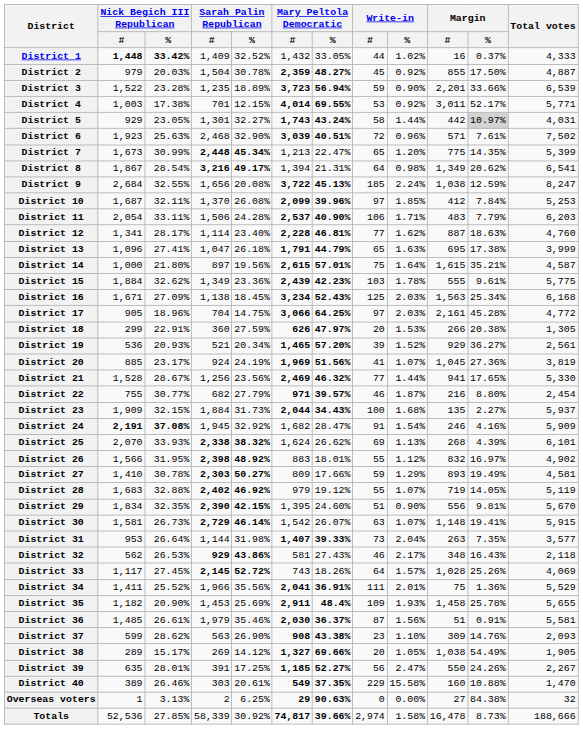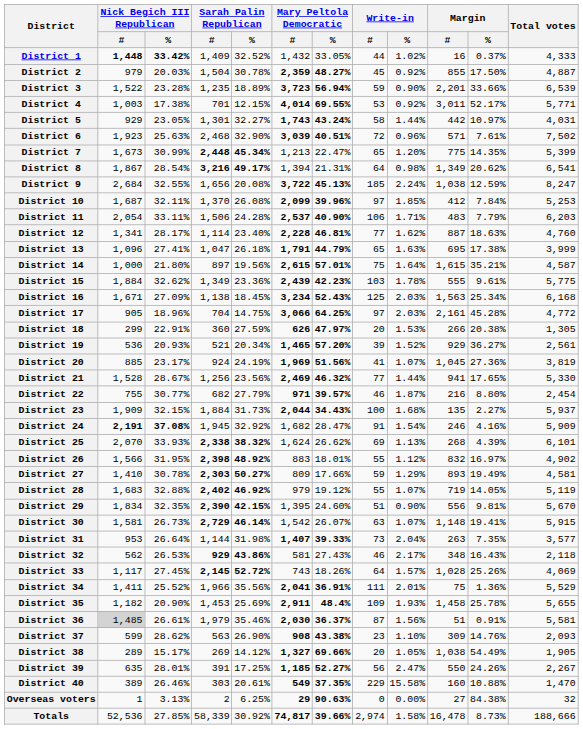 <table class="wikitable sortable"  style="text-align:right">
 <tr>
 <th rowspan="2">District</th>
 <th colspan="2"><a href='#'>Nick Begich III</a><br><a href='#'>Republican</a></th>
 <th colspan="2"><a href='#'>Sarah Palin</a><br><a href='#'>Republican</a></th>
 <th colspan="2"><a href='#'>Mary Peltola</a><br><a href='#'>Democratic</a></th>
 <th colspan="2"><a href='#'>Write-in</a></th>
 <th colspan="2">Margin </th>
 <th rowspan="2">Total votes</th>
 </tr>
 <tr>
 <th data-sort-type="number">#</th>
 <th data-sort-type="number">%</th>
 <th data-sort-type="number">#</th>
 <th data-sort-type="number">%</th>
 <th data-sort-type="number">#</th>
 <th data-sort-type="number">%</th>
 <th data-sort-type="number">#</th>
 <th data-sort-type="number">%</th>
 <th data-sort-type="number">#</th>
 <th data-sort-type="number">%</th>
 </tr>
 <tr>
 <th><a href='#'>District 1</a></th>
 <td><strong>1,448</strong></td>
 <td><strong>33.42%</strong></td>
 <td>1,409</td>
 <td>32.52%</td>
 <td>1,432</td>
 <td>33.05%</td>
 <td>44</td>
 <td>1.02%</td>
 <td>16</td>
 <td>0.37%</td>
 <td>4,333</td>
 </tr>
 <tr>
 <th>District 2</th>
 <td>979</td>
 <td>20.03%</td>
 <td>1,504</td>
 <td>30.78%</td>
 <td><strong>2,359</strong></td>
 <td><strong>48.27%</strong></td>
 <td>45</td>
 <td>0.92%</td>
 <td>855</td>
 <td>17.50%</td>
 <td>4,887</td>
 </tr>
 <tr>
 <th>District 3</th>
 <td>1,522</td>
 <td>23.28%</td>
 <td>1,235</td>
 <td>18.89%</td>
 <td><strong>3,723</strong></td>
 <td><strong>56.94%</strong></td>
 <td>59</td>
 <td>0.90%</td>
 <td>2,201</td>
 <td>33.66%</td>
 <td>6,539</td>
 </tr>
 <tr>
 <th>District 4</th>
 <td>1,003</td>
 <td>17.38%</td>
 <td>701</td>
 <td>12.15%</td>
 <td><strong>4,014</strong></td>
 <td><strong>69.55%</strong></td>
 <td>53</td>
 <td>0.92%</td>
 <td>3,011</td>
 <td>52.17%</td>
 <td>5,771</td>
 </tr>
 <tr>
 <th>District 5</th>
 <td>929</td>
 <td>23.05%</td>
 <td>1,301</td>
 <td>32.27%</td>
 <td><strong>1,743</strong></td>
 <td><strong>43.24%</strong></td>
 <td>58</td>
 <td>1.44%</td>
 <td>442</td>
-<td style="background: lightgrey;">10.97%</td>
+<td>10.97%</td>
 <td>4,031</td>
 </tr>
 <tr>
 <th>District 6</th>
 <td>1,923</td>
 <td>25.63%</td>
 <td>2,468</td>
 <td>32.90%</td>
 <td><strong>3,039</strong></td>
 <td><strong>40.51%</strong></td>
 <td>72</td>
 <td>0.96%</td>
 <td>571</td>
 <td>7.61%</td>
 <td>7,502</td>
 </tr>
 <tr>
 <th>District 7</th>
 <td>1,673</td>
 <td>30.99%</td>
 <td><strong>2,448</strong></td>
 <td><strong>45.34%</strong></td>
 <td>1,213</td>
 <td>22.47%</td>
 <td>65</td>
 <td>1.20%</td>
 <td>775</td>
 <td>14.35%</td>
 <td>5,399</td>
 </tr>
 <tr>
 <th>District 8</th>
 <td>1,867</td>
 <td>28.54%</td>
 <td><strong>3,216</strong></td>
 <td><strong>49.17%</strong></td>
 <td>1,394</td>
 <td>21.31%</td>
 <td>64</td>
 <td>0.98%</td>
 <td>1,349</td>
 <td>20.62%</td>
 <td>6,541</td>
 </tr>
 <tr>
 <th>District 9</th>
 <td>2,684</td>
 <td>32.55%</td>
 <td>1,656</td>
 <td>20.08%</td>
 <td><strong>3,722</strong></td>
 <td><strong>45.13%</strong></td>
 <td>185</td>
 <td>2.24%</td>
 <td>1,038</td>
 <td>12.59%</td>
 <td>8,247</td>
 </tr>
 <tr>
 <th>District 10</th>
 <td>1,687</td>
 <td>32.11%</td>
 <td>1,370</td>
 <td>26.08%</td>
 <td><strong>2,099</strong></td>
 <td><strong>39.96%</strong></td>
 <td>97</td>
 <td>1.85%</td>
 <td>412</td>
 <td>7.84%</td>
 <td>5,253</td>
 </tr>
 <tr>
 <th>District 11</th>
 <td>2,054</td>
 <td>33.11%</td>
 <td>1,506</td>
 <td>24.28%</td>
 <td><strong>2,537</strong></td>
 <td><strong>40.90%</strong></td>
 <td>106</td>
 <td>1.71%</td>
 <td>483</td>
 <td>7.79%</td>
 <td>6,203</td>
 </tr>
 <tr>
 <th>District 12</th>
 <td>1,341</td>
 <td>28.17%</td>
 <td>1,114</td>
 <td>23.40%</td>
 <td><strong>2,228</strong></td>
 <td><strong>46.81%</strong></td>
 <td>77</td>
 <td>1.62%</td>
 <td>887</td>
 <td>18.63%</td>
 <td>4,760</td>
 </tr>
 <tr>
 <th>District 13</th>
 <td>1,096</td>
 <td>27.41%</td>
 <td>1,047</td>
 <td>26.18%</td>
 <td><strong>1,791</strong></td>
 <td><strong>44.79%</strong></td>
 <td>65</td>
 <td>1.63%</td>
 <td>695</td>
 <td>17.38%</td>
 <td>3,999</td>
 </tr>
 <tr>
 <th>District 14</th>
 <td>1,000</td>
 <td>21.80%</td>
 <td>897</td>
 <td>19.56%</td>
 <td><strong>2,615</strong></td>
 <td><strong>57.01%</strong></td>
 <td>75</td>
 <td>1.64%</td>
 <td>1,615</td>
 <td>35.21%</td>
 <td>4,587</td>
 </tr>
 <tr>
 <th>District 15</th>
 <td>1,884</td>
 <td>32.62%</td>
 <td>1,349</td>
 <td>23.36%</td>
 <td><strong>2,439</strong></td>
 <td><strong>42.23%</strong></td>
 <td>103</td>
 <td>1.78%</td>
 <td>555</td>
 <td>9.61%</td>
 <td>5,775</td>
 </tr>
 <tr>
 <th>District 16</th>
 <td>1,671</td>
 <td>27.09%</td>
 <td>1,138</td>
 <td>18.45%</td>
 <td><strong>3,234</strong></td>
 <td><strong>52.43%</strong></td>
 <td>125</td>
 <td>2.03%</td>
 <td>1,563</td>
 <td>25.34%</td>
 <td>6,168</td>
 </tr>
 <tr>
 <th>District 17</th>
 <td>905</td>
 <td>18.96%</td>
 <td>704</td>
 <td>14.75%</td>
 <td><strong>3,066</strong></td>
 <td><strong>64.25%</strong></td>
 <td>97</td>
 <td>2.03%</td>
 <td>2,161</td>
 <td>45.28%</td>
 <td>4,772</td>
 </tr>
 <tr>
 <th>District 18</th>
 <td>299</td>
 <td>22.91%</td>
 <td>360</td>
 <td>27.59%</td>
 <td><strong>626</strong></td>
 <td><strong>47.97%</strong></td>
 <td>20</td>
 <td>1.53%</td>
 <td>266</td>
 <td>20.38%</td>
 <td>1,305</td>
 </tr>
 <tr>
 <th>District 19</th>
 <td>536</td>
 <td>20.93%</td>
 <td>521</td>
 <td>20.34%</td>
 <td><strong>1,465</strong></td>
 <td><strong>57.20%</strong></td>
 <td>39</td>
 <td>1.52%</td>
 <td>929</td>
 <td>36.27%</td>
 <td>2,561</td>
 </tr>
 <tr>
 <th>District 20</th>
 <td>885</td>
 <td>23.17%</td>
 <td>924</td>
 <td>24.19%</td>
 <td><strong>1,969</strong></td>
 <td><strong>51.56%</strong></td>
 <td>41</td>
 <td>1.07%</td>
 <td>1,045</td>
 <td>27.36%</td>
 <td>3,819</td>
 </tr>
 <tr>
 <th>District 21</th>
 <td>1,528</td>
 <td>28.67%</td>
 <td>1,256</td>
 <td>23.56%</td>
 <td><strong>2,469</strong></td>
 <td><strong>46.32%</strong></td>
 <td>77</td>
 <td>1.44%</td>
 <td>941</td>
 <td>17.65%</td>
 <td>5,330</td>
 </tr>
 <tr>
 <th>District 22</th>
 <td>755</td>
 <td>30.77%</td>
 <td>682</td>
 <td>27.79%</td>
 <td><strong>971</strong></td>
 <td><strong>39.57%</strong></td>
 <td>46</td>
 <td>1.87%</td>
 <td>216</td>
 <td>8.80%</td>
 <td>2,454</td>
 </tr>
 <tr>
 <th>District 23</th>
 <td>1,909</td>
 <td>32.15%</td>
 <td>1,884</td>
 <td>31.73%</td>
 <td><strong>2,044</strong></td>
 <td><strong>34.43%</strong></td>
 <td>100</td>
 <td>1.68%</td>
 <td>135</td>
 <td>2.27%</td>
 <td>5,937</td>
 </tr>
 <tr>
 <th>District 24</th>
 <td><strong>2,191</strong></td>
 <td><strong>37.08%</strong></td>
 <td>1,945</td>
 <td>32.92%</td>
 <td>1,682</td>
 <td>28.47%</td>
 <td>91</td>
 <td>1.54%</td>
 <td>246</td>
 <td>4.16%</td>
 <td>5,909</td>
 </tr>
 <tr>
 <th>District 25</th>
 <td>2,070</td>
 <td>33.93%</td>
 <td><strong>2,338</strong></td>
 <td><strong>38.32%</strong></td>
 <td>1,624</td>
 <td>26.62%</td>
 <td>69</td>
 <td>1.13%</td>
 <td>268</td>
 <td>4.39%</td>
 <td>6,101</td>
 </tr>
 <tr>
 <th>District 26</th>
 <td>1,566</td>
 <td>31.95%</td>
 <td><strong>2,398</strong></td>
 <td><strong>48.92%</strong></td>
 <td>883</td>
 <td>18.01%</td>
 <td>55</td>
 <td>1.12%</td>
 <td>832</td>
 <td>16.97%</td>
 <td>4,902</td>
 </tr>
 <tr>
 <th>District 27</th>
 <td>1,410</td>
 <td>30.78%</td>
 <td><strong>2,303</strong></td>
 <td><strong>50.27%</strong></td>
 <td>809</td>
 <td>17.66%</td>
 <td>59</td>
 <td>1.29%</td>
 <td>893</td>
 <td>19.49%</td>
 <td>4,581</td>
 </tr>
 <tr>
 <th>District 28</th>
 <td>1,683</td>
 <td>32.88%</td>
 <td><strong>2,402</strong></td>
 <td><strong>46.92%</strong></td>
 <td>979</td>
 <td>19.12%</td>
 <td>55</td>
 <td>1.07%</td>
 <td>719</td>
 <td>14.05%</td>
 <td>5,119</td>
 </tr>
 <tr>
 <th>District 29</th>
 <td>1,834</td>
 <td>32.35%</td>
 <td><strong>2,390</strong></td>
 <td><strong>42.15%</strong></td>
 <td>1,395</td>
 <td>24.60%</td>
 <td>51</td>
 <td>0.90%</td>
 <td>556</td>
 <td>9.81%</td>
 <td>5,670</td>
 </tr>
 <tr>
 <th>District 30</th>
 <td>1,581</td>
 <td>26.73%</td>
 <td><strong>2,729</strong></td>
 <td><strong>46.14%</strong></td>
 <td>1,542</td>
 <td>26.07%</td>
 <td>63</td>
 <td>1.07%</td>
 <td>1,148</td>
 <td>19.41%</td>
 <td>5,915</td>
 </tr>
 <tr>
 <th>District 31</th>
 <td>953</td>
 <td>26.64%</td>
 <td>1,144</td>
 <td>31.98%</td>
 <td><strong>1,407</strong></td>
 <td><strong>39.33%</strong></td>
 <td>73</td>
 <td>2.04%</td>
 <td>263</td>
 <td>7.35%</td>
 <td>3,577</td>
 </tr>
 <tr>
 <th>District 32</th>
 <td>562</td>
 <td>26.53%</td>
 <td><strong>929</strong></td>
 <td><strong>43.86%</strong></td>
 <td>581</td>
 <td>27.43%</td>
 <td>46</td>
 <td>2.17%</td>
 <td>348</td>
 <td>16.43%</td>
 <td>2,118</td>
 </tr>
 <tr>
 <th>District 33</th>
 <td>1,117</td>
 <td>27.45%</td>
 <td><strong>2,145</strong></td>
 <td><strong>52.72%</strong></td>
 <td>743</td>
 <td>18.26%</td>
 <td>64</td>
 <td>1.57%</td>
 <td>1,028</td>
 <td>25.26%</td>
 <td>4,069</td>
 </tr>
 <tr>
 <th>District 34</th>
 <td>1,411</td>
 <td>25.52%</td>
 <td>1,966</td>
 <td>35.56%</td>
 <td><strong>2,041</strong></td>
 <td><strong>36.91%</strong></td>
 <td>111</td>
 <td>2.01%</td>
 <td>75</td>
 <td>1.36%</td>
 <td>5,529</td>
 </tr>
 <tr>
 <th>District 35</th>
 <td>1,182</td>
 <td>20.90%</td>
 <td>1,453</td>
 <td>25.69%</td>
 <td><strong>2,911</strong></td>
 <td><strong>48.4%</strong></td>
 <td>109</td>
 <td>1.93%</td>
 <td>1,458</td>
 <td>25.78%</td>
 <td>5,655</td>
 </tr>
 <tr>
 <th>District 36</th>
-<td>1,485</td>
+<td style="background: lightgrey;">1,485</td>
 <td>26.61%</td>
 <td>1,979</td>
 <td>35.46%</td>
 <td><strong>2,030</strong></td>
 <td><strong>36.37%</strong></td>
 <td>87</td>
 <td>1.56%</td>
 <td>51</td>
 <td>0.91%</td>
 <td>5,581</td>
 </tr>
 <tr>
 <th>District 37</th>
 <td>599</td>
 <td>28.62%</td>
 <td>563</td>
 <td>26.90%</td>
 <td><strong>908</strong></td>
 <td><strong>43.38%</strong></td>
 <td>23</td>
 <td>1.10%</td>
 <td>309</td>
 <td>14.76%</td>
 <td>2,093</td>
 </tr>
 <tr>
 <th>District 38</th>
 <td>289</td>
 <td>15.17%</td>
 <td>269</td>
 <td>14.12%</td>
 <td><strong>1,327</strong></td>
 <td><strong>69.66%</strong></td>
 <td>20</td>
 <td>1.05%</td>
 <td>1,038</td>
 <td>54.49%</td>
 <td>1,905</td>
 </tr>
 <tr>
 <th>District 39</th>
 <td>635</td>
 <td>28.01%</td>
 <td>391</td>
 <td>17.25%</td>
 <td><strong>1,185</strong></td>
 <td><strong>52.27%</strong></td>
 <td>56</td>
 <td>2.47%</td>
 <td>550</td>
 <td>24.26%</td>
 <td>2,267</td>
 </tr>
 <tr>
 <th>District 40</th>
 <td>389</td>
 <td>26.46%</td>
 <td>303</td>
 <td>20.61%</td>
 <td><strong>549</strong></td>
 <td><strong>37.35%</strong></td>
 <td>229</td>
 <td>15.58%</td>
 <td>160</td>
 <td>10.88%</td>
 <td>1,470</td>
 </tr>
 <tr>
 <th>Overseas voters</th>
 <td>1</td>
 <td>3.13%</td>
 <td>2</td>
 <td>6.25%</td>
 <td><strong>29</strong></td>
 <td><strong>90.63%</strong></td>
 <td>0</td>
 <td>0.00%</td>
 <td>27</td>
 <td>84.38%</td>
 <td>32</td>
 </tr>
 <tr class="sortbottom">
 <th>Totals</th>
 <td>52,536</td>
 <td>27.85%</td>
 <td>58,339</td>
 <td>30.92%</td>
 <td><strong>74,817</strong></td>
 <td><strong>39.66%</strong></td>
 <td>2,974</td>
 <td>1.58%</td>
 <td>16,478</td>
 <td>8.73%</td>
 <td>188,666</td>
 </tr>
 </table>
